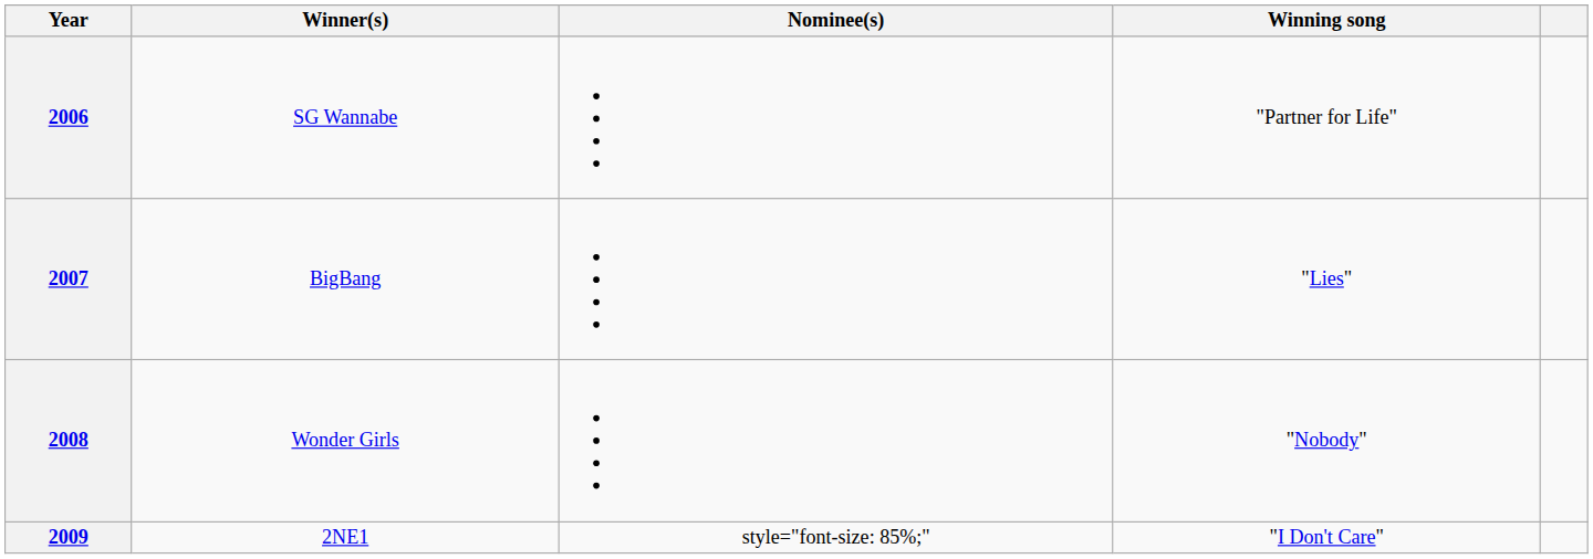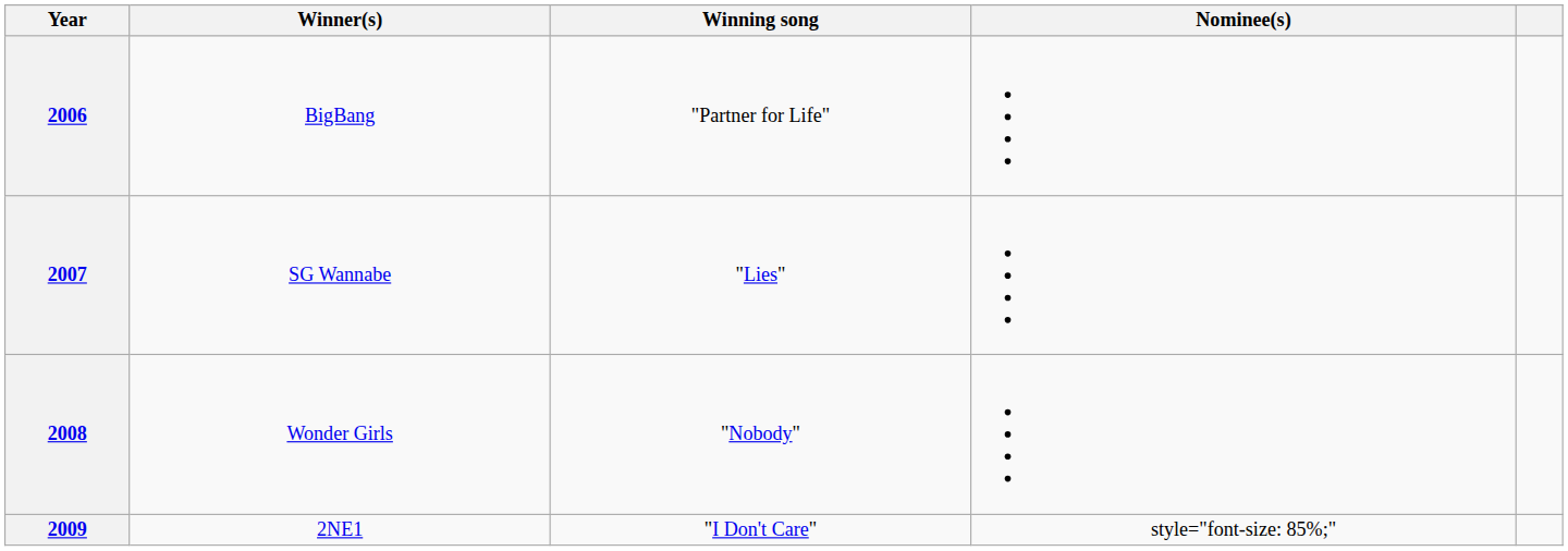 <table class="wikitable sortable" rowspan="2" style="text-align:center; width:80%">
 <tr style="background:#bebebe;">
 <th scope="col" style="width:8%;">Year</th>
 <th scope="col" style="width:27%;">Winner(s)</th>
+<th scope="col" style="width:27%;">Winning song</th>
 <th scope="col" class="unsortable" style="width:35%;">Nominee(s)</th>
-<th scope="col" style="width:27%;">Winning song</th>
 <th class="unsortable"></th>
 </tr>
 <tr>
 <th scope="row" style="text-align:center"><a href='#'>2006</a><br></th>
-<td><a href='#'>SG Wannabe</a></td>
+<td><a href='#'>BigBang</a></td>
+<td>"Partner for Life"</td>
 <td><br><ul><li></li><li></li><li></li><li></li></ul></td>
-<td>"Partner for Life"</td>
 <td><br></td>
 </tr>
 <tr>
 <th scope="row" style="text-align:center"><a href='#'>2007</a> <br></th>
-<td><a href='#'>BigBang</a></td>
+<td><a href='#'>SG Wannabe</a></td>
+<td>"<a href='#'>Lies</a>"</td>
 <td><br><ul><li></li><li></li><li></li><li></li></ul></td>
-<td>"<a href='#'>Lies</a>"</td>
 <td><br></td>
 </tr>
 <tr>
 <th scope="row" style="text-align:center"><a href='#'>2008</a> <br></th>
 <td><a href='#'>Wonder Girls</a></td>
+<td>"<a href='#'>Nobody</a>"</td>
 <td><br><ul><li></li><li></li><li></li><li></li></ul></td>
-<td>"<a href='#'>Nobody</a>"</td>
 <td><br></td>
 </tr>
 <tr>
 <th scope="row" style="text-align:center"><a href='#'>2009</a> <br></th>
 <td><a href='#'>2NE1</a></td>
+<td>"<a href='#'>I Don't Care</a>"</td>
 <td>style="font-size: 85%;" </td>
-<td>"<a href='#'>I Don't Care</a>"</td>
 <td></td>
 </tr>
 </table>
